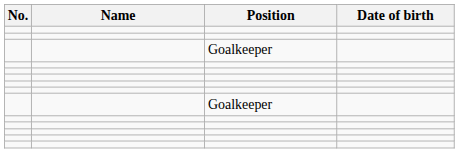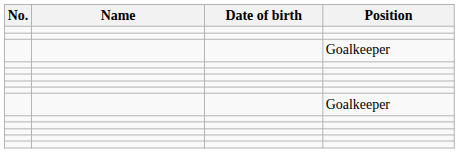 <table class="wikitable sortable" style=font-size:100%; text-align:center;>
 <tr>
 <th>No.</th>
 <th style=width:12em>Name</th>
+<th style=width:8em>Date of birth</th>
 <th style=width:9em>Position</th>
-<th style=width:8em>Date of birth</th>
 </tr>
 <tr>
 <td></td>
 <td align=left></td>
+<td align=right></td>
 <td></td>
-<td align=right></td>
 </tr>
 <tr>
 <td></td>
 <td align=left></td>
+<td align=right></td>
 <td></td>
-<td align=right></td>
 </tr>
 <tr>
 <td></td>
 <td align=left></td>
+<td align=right></td>
 <td>Goalkeeper</td>
-<td align=right></td>
 </tr>
 <tr>
 <td></td>
 <td align=left></td>
+<td align=right></td>
 <td></td>
-<td align=right></td>
 </tr>
 <tr>
 <td></td>
 <td align=left></td>
+<td align=right></td>
 <td></td>
-<td align=right></td>
 </tr>
 <tr>
 <td></td>
 <td align=left></td>
+<td align=right></td>
 <td></td>
-<td align=right></td>
 </tr>
 <tr>
 <td></td>
 <td align=left></td>
+<td align=right></td>
 <td></td>
-<td align=right></td>
 </tr>
 <tr>
 <td></td>
 <td align=left></td>
+<td align=right></td>
 <td></td>
-<td align=right></td>
 </tr>
 <tr>
 <td></td>
 <td align=left></td>
+<td align=right></td>
 <td>Goalkeeper</td>
-<td align=right></td>
 </tr>
 <tr>
 <td></td>
 <td align=left></td>
+<td align=right></td>
 <td></td>
-<td align=right></td>
 </tr>
 <tr>
 <td></td>
 <td align=left></td>
+<td align=right></td>
 <td></td>
-<td align=right></td>
 </tr>
 <tr>
 <td></td>
 <td align=left></td>
+<td align=right></td>
 <td></td>
-<td align=right></td>
 </tr>
 <tr>
 <td></td>
 <td align=left></td>
+<td align=right></td>
 <td></td>
-<td align=right></td>
 </tr>
 <tr>
 <td></td>
 <td align=left></td>
+<td align=right></td>
 <td></td>
-<td align=right></td>
 </tr>
 </table>
